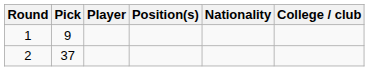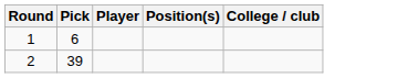 <table class="wikitable sortable sortable">
 <tr>
 <th>Round</th>
 <th>Pick</th>
 <th>Player</th>
 <th>Position(s)</th>
-<th>Nationality</th>
 <th>College / club</th>
 </tr>
 <tr style="text-align: center">
 <td>1</td>
-<td>9</td>
-<td></td>
+<td>6</td>
 <td></td>
 <td></td>
 <td></td>
 </tr>
 <tr style="text-align: center">
 <td>2</td>
-<td>37</td>
-<td></td>
+<td>39</td>
 <td></td>
 <td></td>
 <td></td>
 </tr>
 </table>
